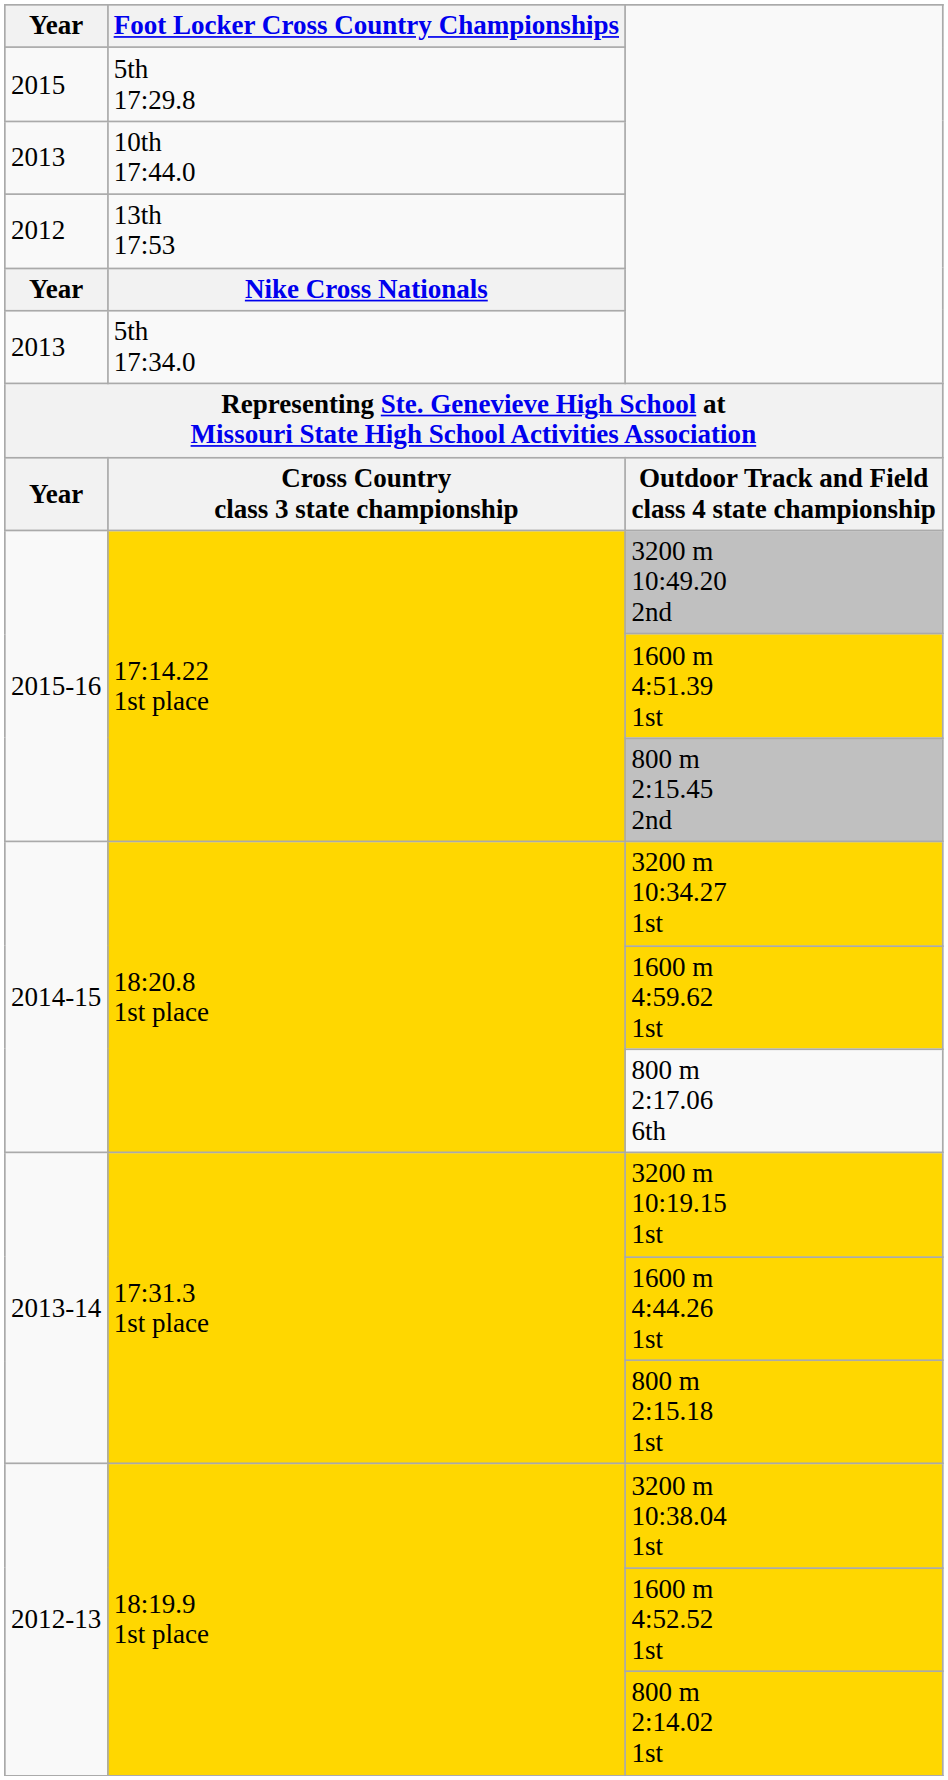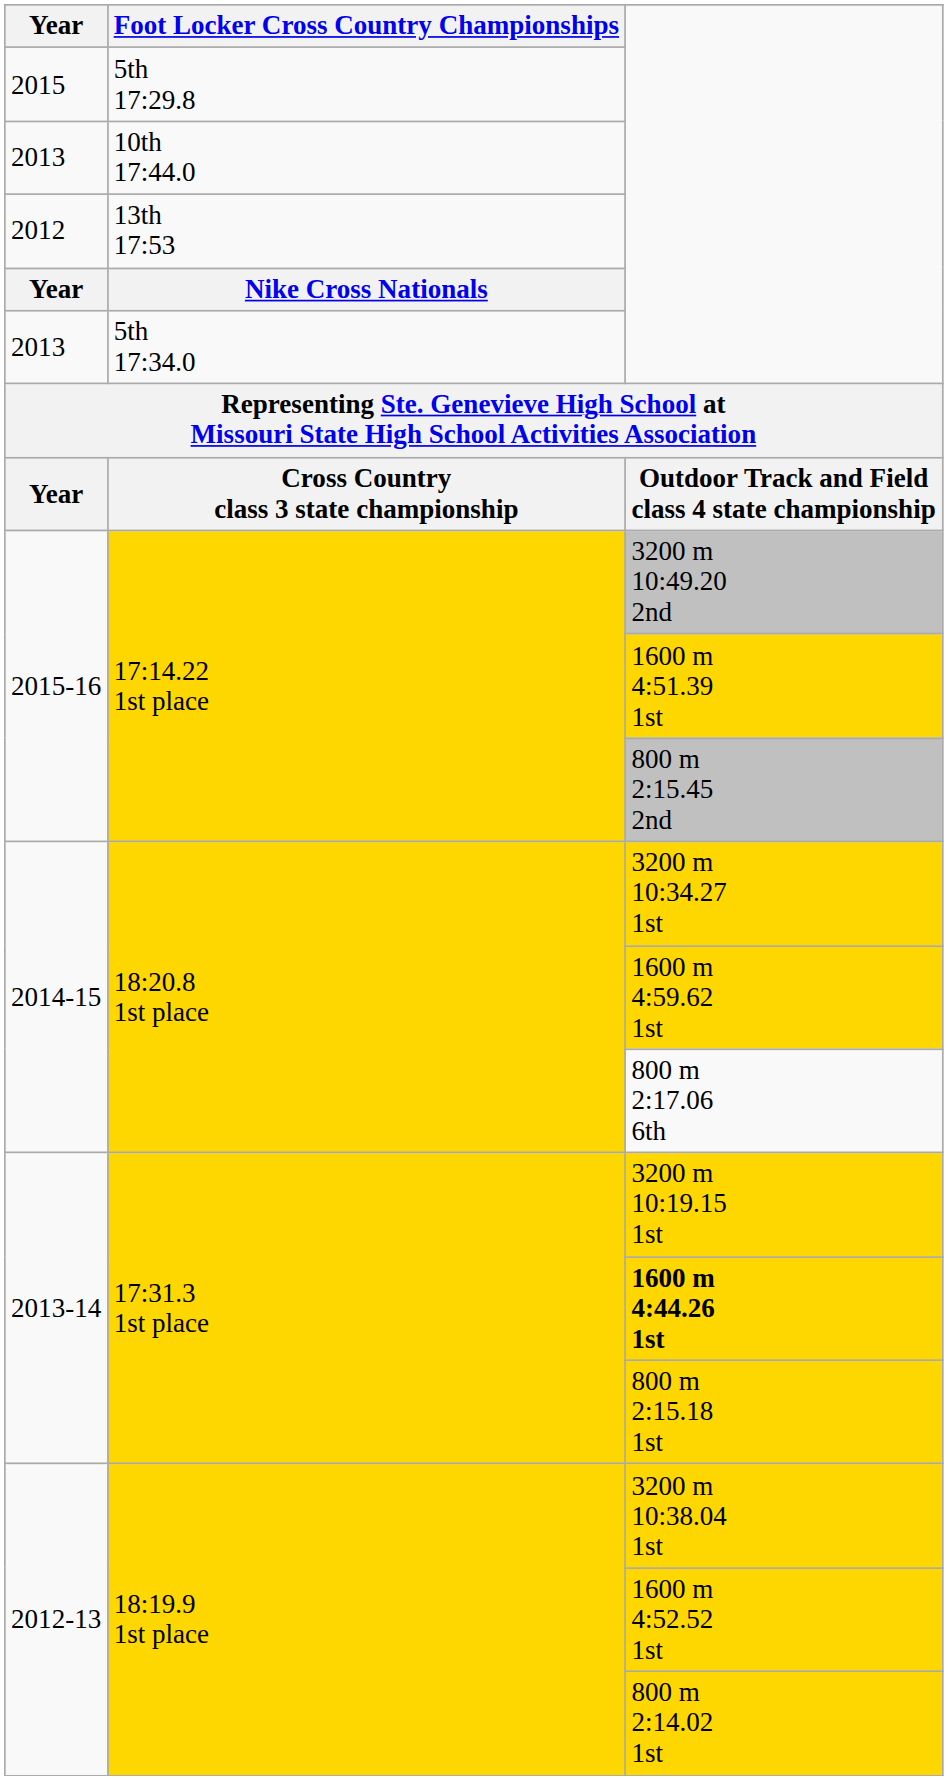 <table class="wikitable sortable">
 <tr>
 <th>Year</th>
 <th><a href='#'>Foot Locker Cross Country Championships</a></th>
 </tr>
 <tr>
 <td Rowspan=1>2015</td>
 <td>5th<br>17:29.8</td>
 </tr>
 <tr>
 <td Rowspan=1>2013</td>
 <td>10th<br>17:44.0</td>
 </tr>
 <tr>
 <td Rowspan=1>2012</td>
 <td>13th<br>17:53</td>
 </tr>
 <tr>
 <th>Year</th>
 <th><a href='#'>Nike Cross Nationals</a></th>
 </tr>
 <tr>
 <td Rowspan=1>2013</td>
 <td>5th<br>17:34.0</td>
 </tr>
 <tr>
 <th colspan="7">Representing <a href='#'>Ste. Genevieve High School</a> at<br><a href='#'>Missouri State High School Activities Association</a></th>
 </tr>
 <tr>
 <th>Year</th>
 <th>Cross Country<br>class 3 state championship</th>
 <th>Outdoor Track and Field<br>class 4 state championship</th>
 </tr>
 <tr>
 <td Rowspan=3>2015-16</td>
 <td Rowspan=3 bgcolor=gold>17:14.22<br>1st place</td>
 <td bgcolor=silver>3200 m<br>10:49.20<br>2nd</td>
 </tr>
 <tr>
 <td bgcolor=gold>1600 m<br>4:51.39<br>1st</td>
 </tr>
 <tr>
 <td bgcolor=silver>800 m<br>2:15.45<br>2nd</td>
 </tr>
 <tr>
 <td Rowspan=3>2014-15</td>
 <td Rowspan=3 bgcolor=gold>18:20.8<br>1st place</td>
 <td bgcolor=gold>3200 m<br>10:34.27<br>1st</td>
 </tr>
 <tr>
 <td bgcolor=gold>1600 m<br>4:59.62<br>1st</td>
 </tr>
 <tr>
 <td>800 m<br>2:17.06<br>6th</td>
 </tr>
 <tr>
 <td Rowspan=3>2013-14</td>
 <td Rowspan=3 bgcolor=gold>17:31.3<br>1st place</td>
 <td bgcolor=gold>3200 m<br>10:19.15<br>1st</td>
 </tr>
 <tr>
-<td bgcolor=gold>1600 m<br>4:44.26<br>1st</td>
+<td bgcolor=gold><strong>1600 m<br>4:44.26<br>1st</strong></td>
 </tr>
 <tr>
 <td bgcolor=gold>800 m<br>2:15.18<br>1st</td>
 </tr>
 <tr>
 <td Rowspan=3>2012-13</td>
 <td Rowspan=3 bgcolor=gold>18:19.9<br>1st place</td>
 <td bgcolor=gold>3200 m<br>10:38.04<br>1st</td>
 </tr>
 <tr>
 <td bgcolor=gold>1600 m<br>4:52.52<br>1st</td>
 </tr>
 <tr>
 <td bgcolor=gold>800 m<br>2:14.02<br>1st</td>
 </tr>
 <tr>
 </tr>
 </table>
